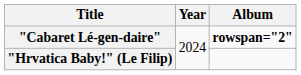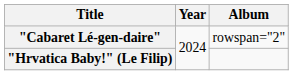 <table class="wikitable plainrowheaders" style="text-align:center;">
 <tr>
 <th scope="col">Title</th>
 <th scope="col">Year</th>
 <th scope="col">Album</th>
 </tr>
 <tr>
 <th scope="row">"Cabaret Lé-gen-daire"<br></th>
 <td rowspan="2">2024</td>
-<td><strong>rowspan="2" </strong></td>
+<td>rowspan="2" </td>
 </tr>
 <tr>
 <th scope="row">"Hrvatica Baby!" (Le Filip)<br></th>
 </tr>
 </table>
